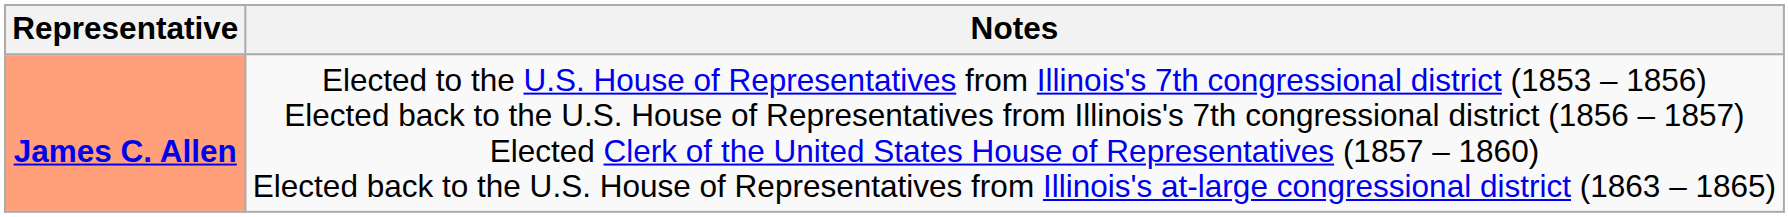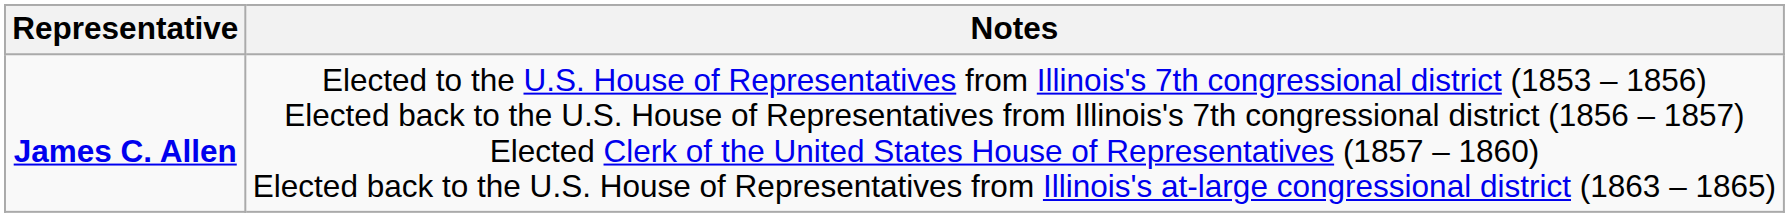 <table class="wikitable" style="text-align:center">
 <tr>
 <th>Representative</th>
 <th>Notes</th>
 </tr>
 <tr>
-<td align=center style="background: lightsalmon;"><br><strong><a href='#'>James C. Allen</a></strong></td>
+<td align=center><br><strong><a href='#'>James C. Allen</a></strong></td>
 <td>Elected to the <a href='#'>U.S. House of Representatives</a> from <a href='#'>Illinois's 7th congressional district</a> (1853 – 1856)<br>Elected back to the U.S. House of Representatives from Illinois's 7th congressional district (1856 – 1857)<br>Elected <a href='#'>Clerk of the United States House of Representatives</a> (1857 – 1860)<br>Elected back to the U.S. House of Representatives from <a href='#'>Illinois's at-large congressional district</a> (1863 – 1865)</td>
 </tr>
 </table>
